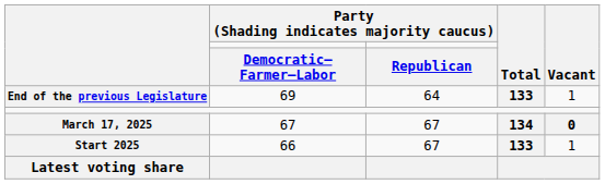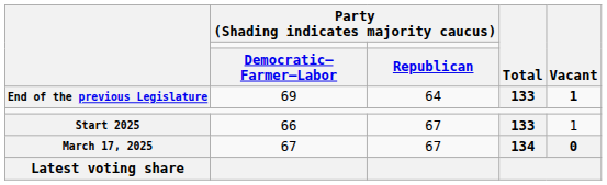 <table class=wikitable style="text-align:center">
 <tr style="vertical-align:bottom;">
 <th rowspan="3"></th>
 <th colspan=2>Party <div>(Shading indicates majority caucus)</div></th>
 <th rowspan="3">Total</th>
 <th rowspan="3">Vacant</th>
 </tr>
 <tr>
 <td style="background-color:"></td>
 <td style="background-color:"></td>
 </tr>
 <tr>
 <th><a href='#'>Democratic–<br>Farmer–Labor</a></th>
 <th><a href='#'>Republican</a></th>
 </tr>
 <tr>
 <th nowrap="" style="font-size:80%">End of the <a href='#'>previous Legislature</a></th>
 <td>69</td>
 <td>64</td>
 <th>133</th>
-<td>1</td>
+<td><strong>1</strong></td>
 </tr>
 <tr>
 <td colspan=5></td>
+</tr>
+<tr>
+<th nowrap="" style="font-size:80%">Start 2025</th>
+<td>66</td>
+<td>67</td>
+<th>133</th>
+<td>1</td>
 </tr>
 <tr>
 <th nowrap="" style="font-size:80%">March 17, 2025</th>
 <td>67</td>
 <td>67</td>
 <th>134</th>
 <th>0</th>
 </tr>
 <tr>
-<th nowrap="" style="font-size:80%">Start 2025</th>
-<td>66</td>
-<td>67</td>
-<th>133</th>
-<td>1</td>
-</tr>
-<tr>
 <th>Latest voting share</th>
 <th></th>
 <th></th>
 <th colspan=2></th>
 </tr>
 </table>
